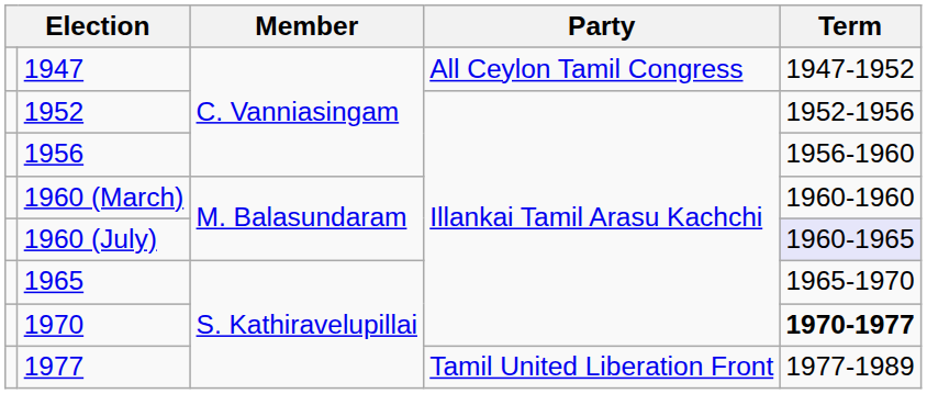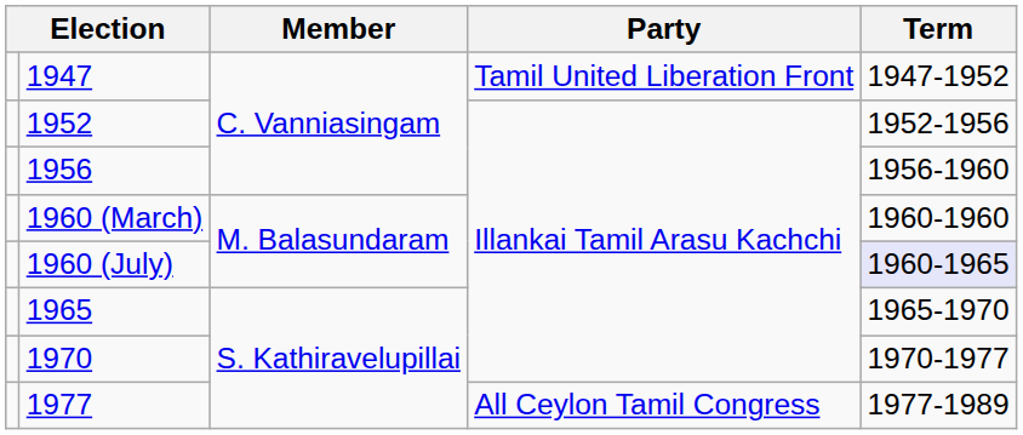 <table class="wikitable">
 <tr>
 <th colspan="2">Election</th>
 <th>Member</th>
 <th>Party</th>
 <th>Term</th>
 </tr>
 <tr>
 <td style="background-color: "></td>
 <td><a href='#'>1947</a></td>
 <td rowspan ="3"><a href='#'>C. Vanniasingam</a></td>
-<td><a href='#'>All Ceylon Tamil Congress</a></td>
+<td><a href='#'>Tamil United Liberation Front</a></td>
 <td>1947-1952</td>
 </tr>
 <tr>
 <td style="background-color: "></td>
 <td><a href='#'>1952</a></td>
 <td rowspan ="6"><a href='#'>Illankai Tamil Arasu Kachchi</a></td>
 <td>1952-1956</td>
 </tr>
 <tr>
 <td style="background-color: "></td>
 <td><a href='#'>1956</a></td>
 <td>1956-1960</td>
 </tr>
 <tr>
 <td style="background-color: "></td>
 <td><a href='#'>1960 (March)</a></td>
 <td rowspan ="2"><a href='#'>M. Balasundaram</a></td>
 <td>1960-1960</td>
 </tr>
 <tr>
 <td style="background-color: "></td>
 <td><a href='#'>1960 (July)</a></td>
 <td style="background: lavender;">1960-1965</td>
 </tr>
 <tr>
 <td style="background-color: "></td>
 <td><a href='#'>1965</a></td>
 <td rowspan ="3"><a href='#'>S. Kathiravelupillai</a></td>
 <td>1965-1970</td>
 </tr>
 <tr>
 <td style="background-color: "></td>
 <td><a href='#'>1970</a></td>
-<td><strong>1970-1977</strong></td>
+<td>1970-1977</td>
 </tr>
 <tr>
 <td style="background-color: "></td>
 <td><a href='#'>1977</a></td>
-<td><a href='#'>Tamil United Liberation Front</a></td>
+<td><a href='#'>All Ceylon Tamil Congress</a></td>
 <td>1977-1989</td>
 </tr>
 </table>
